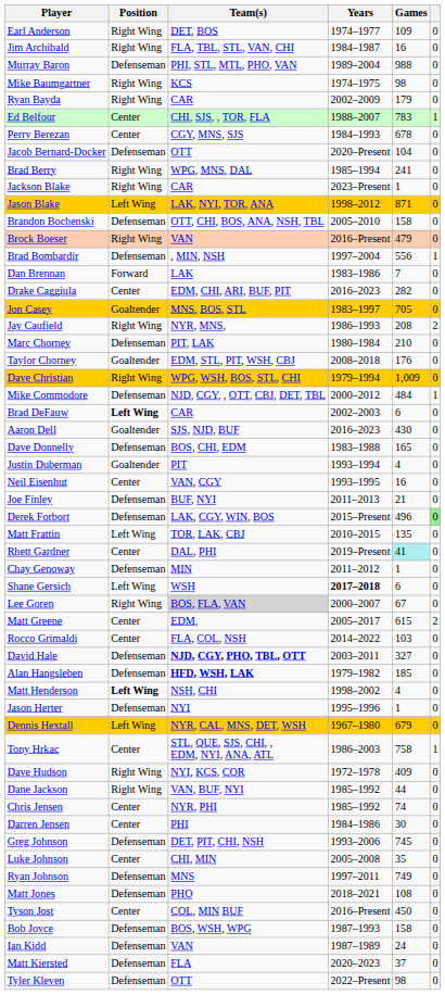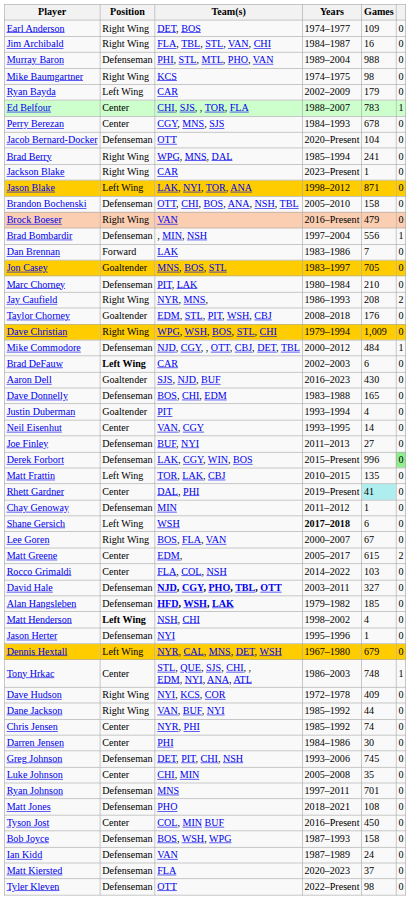 <table class="wikitable sortable">
 <tr>
 <th>Player</th>
 <th>Position</th>
 <th>Team(s)</th>
 <th>Years</th>
 <th>Games</th>
 <th><a href='#'></a></th>
 </tr>
 <tr>
 <td><a href='#'>Earl Anderson</a></td>
 <td>Right Wing</td>
 <td><a href='#'>DET</a>, <a href='#'>BOS</a></td>
 <td>1974–1977</td>
 <td>109</td>
 <td>0</td>
 </tr>
 <tr>
 <td><a href='#'>Jim Archibald</a></td>
 <td>Right Wing</td>
 <td><a href='#'>FLA</a>, <a href='#'>TBL</a>, <a href='#'>STL</a>, <a href='#'>VAN</a>, <a href='#'>CHI</a></td>
 <td>1984–1987</td>
 <td>16</td>
 <td>0</td>
 </tr>
 <tr>
 <td><a href='#'>Murray Baron</a></td>
 <td>Defenseman</td>
 <td><a href='#'>PHI</a>, <a href='#'>STL</a>, <a href='#'>MTL</a>, <a href='#'>PHO</a>, <a href='#'>VAN</a></td>
 <td>1989–2004</td>
 <td>988</td>
 <td>0</td>
 </tr>
 <tr>
 <td><a href='#'>Mike Baumgartner</a></td>
 <td>Right Wing</td>
 <td><a href='#'>KCS</a></td>
 <td>1974–1975</td>
 <td>98</td>
 <td>0</td>
 </tr>
 <tr>
 <td><a href='#'>Ryan Bayda</a></td>
-<td>Right Wing</td>
+<td>Left Wing</td>
 <td><a href='#'>CAR</a></td>
 <td>2002–2009</td>
 <td>179</td>
 <td>0</td>
 </tr>
 <tr bgcolor=#CCFFCC>
 <td><a href='#'>Ed Belfour</a></td>
 <td>Center</td>
 <td><a href='#'>CHI</a>, <a href='#'>SJS</a>, <span><strong></strong></span>, <a href='#'>TOR</a>, <a href='#'>FLA</a></td>
 <td>1988–2007</td>
 <td>783</td>
 <td>1</td>
 </tr>
 <tr>
 <td><a href='#'>Perry Berezan</a></td>
 <td>Center</td>
 <td><a href='#'>CGY</a>, <a href='#'>MNS</a>, <a href='#'>SJS</a></td>
 <td>1984–1993</td>
 <td>678</td>
 <td>0</td>
 </tr>
 <tr>
 <td><a href='#'>Jacob Bernard-Docker</a></td>
 <td>Defenseman</td>
 <td><a href='#'>OTT</a></td>
 <td>2020–Present</td>
 <td>104</td>
 <td>0</td>
 </tr>
 <tr>
 <td><a href='#'>Brad Berry</a></td>
 <td>Right Wing</td>
 <td><a href='#'>WPG</a>, <a href='#'>MNS</a>, <a href='#'>DAL</a></td>
 <td>1985–1994</td>
 <td>241</td>
 <td>0</td>
 </tr>
 <tr>
 <td><a href='#'>Jackson Blake</a></td>
 <td>Right Wing</td>
 <td><a href='#'>CAR</a></td>
 <td>2023–Present</td>
 <td>1</td>
 <td>0</td>
 </tr>
 <tr bgcolor=FFCC00>
 <td><a href='#'>Jason Blake</a></td>
 <td>Left Wing</td>
 <td><a href='#'>LAK</a>, <a href='#'>NYI</a>, <a href='#'>TOR</a>, <a href='#'>ANA</a></td>
 <td>1998–2012</td>
 <td>871</td>
 <td>0</td>
 </tr>
 <tr>
 <td><a href='#'>Brandon Bochenski</a></td>
 <td>Defenseman</td>
 <td><a href='#'>OTT</a>, <a href='#'>CHI</a>, <a href='#'>BOS</a>, <a href='#'>ANA</a>, <a href='#'>NSH</a>, <a href='#'>TBL</a></td>
 <td>2005–2010</td>
 <td>158</td>
 <td>0</td>
 </tr>
 <tr bgcolor=FBCEB1>
 <td><a href='#'>Brock Boeser</a></td>
 <td>Right Wing</td>
 <td><a href='#'>VAN</a></td>
 <td>2016–Present</td>
 <td>479</td>
 <td>0</td>
 </tr>
 <tr>
 <td><a href='#'>Brad Bombardir</a></td>
 <td>Defenseman</td>
 <td><span><strong></strong></span>, <a href='#'>MIN</a>, <a href='#'>NSH</a></td>
 <td>1997–2004</td>
 <td>556</td>
 <td>1</td>
 </tr>
 <tr>
 <td><a href='#'>Dan Brennan</a></td>
 <td>Forward</td>
 <td><a href='#'>LAK</a></td>
 <td>1983–1986</td>
 <td>7</td>
 <td>0</td>
 </tr>
-<tr>
-<td><a href='#'>Drake Caggiula</a></td>
-<td>Center</td>
-<td><a href='#'>EDM</a>, <a href='#'>CHI</a>, <a href='#'>ARI</a>, <a href='#'>BUF</a>, <a href='#'>PIT</a></td>
-<td>2016–2023</td>
-<td>282</td>
-<td>0</td>
-</tr>
 <tr bgcolor=FFCC00>
 <td><a href='#'>Jon Casey</a></td>
 <td>Goaltender</td>
 <td><a href='#'>MNS</a>, <a href='#'>BOS</a>, <a href='#'>STL</a></td>
 <td>1983–1997</td>
 <td>705</td>
 <td>0</td>
 </tr>
 <tr>
+<td><a href='#'>Marc Chorney</a></td>
+<td>Defenseman</td>
+<td><a href='#'>PIT</a>, <a href='#'>LAK</a></td>
+<td>1980–1984</td>
+<td>210</td>
+<td>0</td>
+</tr>
+<tr>
 <td><a href='#'>Jay Caufield</a></td>
 <td>Right Wing</td>
 <td><a href='#'>NYR</a>, <a href='#'>MNS</a>, <span><strong></strong></span></td>
 <td>1986–1993</td>
 <td>208</td>
 <td>2</td>
-</tr>
-<tr>
-<td><a href='#'>Marc Chorney</a></td>
-<td>Defenseman</td>
-<td><a href='#'>PIT</a>, <a href='#'>LAK</a></td>
-<td>1980–1984</td>
-<td>210</td>
-<td>0</td>
 </tr>
 <tr>
 <td><a href='#'>Taylor Chorney</a></td>
 <td>Goaltender</td>
 <td><a href='#'>EDM</a>, <a href='#'>STL</a>, <a href='#'>PIT</a>, <a href='#'>WSH</a>, <a href='#'>CBJ</a></td>
 <td>2008–2018</td>
 <td>176</td>
 <td>0</td>
 </tr>
 <tr bgcolor=FFCC00>
 <td><a href='#'>Dave Christian</a></td>
 <td>Right Wing</td>
 <td><a href='#'>WPG</a>, <a href='#'>WSH</a>, <a href='#'>BOS</a>, <a href='#'>STL</a>, <a href='#'>CHI</a></td>
 <td>1979–1994</td>
 <td>1,009</td>
 <td>0</td>
 </tr>
 <tr>
 <td><a href='#'>Mike Commodore</a></td>
 <td>Defenseman</td>
 <td><a href='#'>NJD</a>, <a href='#'>CGY</a>, <span><strong></strong></span>, <a href='#'>OTT</a>, <a href='#'>CBJ</a>, <a href='#'>DET</a>, <a href='#'>TBL</a></td>
 <td>2000–2012</td>
 <td>484</td>
 <td>1</td>
 </tr>
 <tr>
 <td><a href='#'>Brad DeFauw</a></td>
 <td><strong>Left Wing</strong></td>
 <td><a href='#'>CAR</a></td>
 <td>2002–2003</td>
 <td>6</td>
 <td>0</td>
 </tr>
 <tr>
 <td><a href='#'>Aaron Dell</a></td>
 <td>Goaltender</td>
 <td><a href='#'>SJS</a>, <a href='#'>NJD</a>, <a href='#'>BUF</a></td>
 <td>2016–2023</td>
 <td>430</td>
 <td>0</td>
 </tr>
 <tr>
 <td><a href='#'>Dave Donnelly</a></td>
 <td>Defenseman</td>
 <td><a href='#'>BOS</a>, <a href='#'>CHI</a>, <a href='#'>EDM</a></td>
 <td>1983–1988</td>
 <td>165</td>
 <td>0</td>
 </tr>
 <tr>
 <td><a href='#'>Justin Duberman</a></td>
 <td>Goaltender</td>
 <td><a href='#'>PIT</a></td>
 <td>1993–1994</td>
 <td>4</td>
 <td>0</td>
 </tr>
 <tr>
 <td><a href='#'>Neil Eisenhut</a></td>
 <td>Center</td>
 <td><a href='#'>VAN</a>, <a href='#'>CGY</a></td>
 <td>1993–1995</td>
-<td>16</td>
+<td>14</td>
 <td>0</td>
 </tr>
 <tr>
 <td><a href='#'>Joe Finley</a></td>
 <td>Defenseman</td>
 <td><a href='#'>BUF</a>, <a href='#'>NYI</a></td>
 <td>2011–2013</td>
-<td>21</td>
+<td>27</td>
 <td>0</td>
 </tr>
 <tr>
 <td><a href='#'>Derek Forbort</a></td>
 <td>Defenseman</td>
 <td><a href='#'>LAK</a>, <a href='#'>CGY</a>, <a href='#'>WIN</a>, <a href='#'>BOS</a></td>
 <td>2015–Present</td>
-<td>496</td>
+<td>996</td>
 <td style="background: lightgreen;">0</td>
 </tr>
 <tr>
 <td><a href='#'>Matt Frattin</a></td>
 <td>Left Wing</td>
 <td><a href='#'>TOR</a>, <a href='#'>LAK</a>, <a href='#'>CBJ</a></td>
 <td>2010–2015</td>
 <td>135</td>
 <td>0</td>
 </tr>
 <tr>
 <td><a href='#'>Rhett Gardner</a></td>
 <td>Center</td>
 <td><a href='#'>DAL</a>, <a href='#'>PHI</a></td>
 <td>2019–Present</td>
 <td style="background: paleturquoise;">41</td>
 <td>0</td>
 </tr>
 <tr>
 <td><a href='#'>Chay Genoway</a></td>
 <td>Defenseman</td>
 <td><a href='#'>MIN</a></td>
 <td>2011–2012</td>
 <td>1</td>
 <td>0</td>
 </tr>
 <tr>
 <td><a href='#'>Shane Gersich</a></td>
 <td>Left Wing</td>
 <td><a href='#'>WSH</a></td>
 <td><strong>2017–2018</strong></td>
 <td>6</td>
 <td>0</td>
 </tr>
 <tr>
 <td><a href='#'>Lee Goren</a></td>
 <td>Right Wing</td>
-<td style="background: lightgrey;"><a href='#'>BOS</a>, <a href='#'>FLA</a>, <a href='#'>VAN</a></td>
+<td><a href='#'>BOS</a>, <a href='#'>FLA</a>, <a href='#'>VAN</a></td>
 <td>2000–2007</td>
 <td>67</td>
 <td>0</td>
 </tr>
 <tr>
 <td><a href='#'>Matt Greene</a></td>
 <td>Center</td>
 <td><a href='#'>EDM</a>, <span><strong></strong></span></td>
 <td>2005–2017</td>
 <td>615</td>
 <td>2</td>
 </tr>
 <tr>
 <td><a href='#'>Rocco Grimaldi</a></td>
 <td>Center</td>
 <td><a href='#'>FLA</a>, <a href='#'>COL</a>, <a href='#'>NSH</a></td>
 <td>2014–2022</td>
 <td>103</td>
 <td>0</td>
 </tr>
 <tr>
 <td><a href='#'>David Hale</a></td>
 <td>Defenseman</td>
 <td><strong><a href='#'>NJD</a>, <a href='#'>CGY</a>, <a href='#'>PHO</a>, <a href='#'>TBL</a>, <a href='#'>OTT</a></strong></td>
 <td>2003–2011</td>
 <td>327</td>
 <td>0</td>
 </tr>
 <tr>
 <td><a href='#'>Alan Hangsleben</a></td>
 <td>Defenseman</td>
 <td><strong><a href='#'>HFD</a>, <a href='#'>WSH</a>, <a href='#'>LAK</a></strong></td>
 <td>1979–1982</td>
 <td>185</td>
 <td>0</td>
 </tr>
 <tr>
 <td><a href='#'>Matt Henderson</a></td>
 <td><strong>Left Wing</strong></td>
 <td><a href='#'>NSH</a>, <a href='#'>CHI</a></td>
 <td>1998–2002</td>
 <td>4</td>
 <td>0</td>
 </tr>
 <tr>
 <td><a href='#'>Jason Herter</a></td>
 <td>Defenseman</td>
 <td><a href='#'>NYI</a></td>
 <td>1995–1996</td>
 <td>1</td>
 <td>0</td>
 </tr>
 <tr bgcolor=FFCC00>
 <td><a href='#'>Dennis Hextall</a></td>
 <td>Left Wing</td>
 <td><a href='#'>NYR</a>, <a href='#'>CAL</a>, <a href='#'>MNS</a>, <a href='#'>DET</a>, <a href='#'>WSH</a></td>
 <td>1967–1980</td>
 <td>679</td>
 <td>0</td>
 </tr>
 <tr>
 <td><a href='#'>Tony Hrkac</a></td>
 <td>Center</td>
 <td><a href='#'>STL</a>, <a href='#'>QUE</a>, <a href='#'>SJS</a>, <a href='#'>CHI</a>, <span><strong></strong></span>, <br><a href='#'>EDM</a>, <a href='#'>NYI</a>, <a href='#'>ANA</a>, <a href='#'>ATL</a></td>
 <td>1986–2003</td>
-<td>758</td>
+<td>748</td>
 <td>1</td>
 </tr>
 <tr>
 <td><a href='#'>Dave Hudson</a></td>
 <td>Right Wing</td>
 <td><a href='#'>NYI</a>, <a href='#'>KCS</a>, <a href='#'>COR</a></td>
 <td>1972–1978</td>
 <td>409</td>
 <td>0</td>
 </tr>
 <tr>
 <td><a href='#'>Dane Jackson</a></td>
 <td>Right Wing</td>
 <td><a href='#'>VAN</a>, <a href='#'>BUF</a>, <a href='#'>NYI</a></td>
 <td>1985–1992</td>
 <td>44</td>
 <td>0</td>
 </tr>
 <tr>
 <td><a href='#'>Chris Jensen</a></td>
 <td>Center</td>
 <td><a href='#'>NYR</a>, <a href='#'>PHI</a></td>
 <td>1985–1992</td>
 <td>74</td>
 <td>0</td>
 </tr>
 <tr>
 <td><a href='#'>Darren Jensen</a></td>
 <td>Center</td>
 <td><a href='#'>PHI</a></td>
 <td>1984–1986</td>
 <td>30</td>
 <td>0</td>
 </tr>
 <tr>
 <td><a href='#'>Greg Johnson</a></td>
 <td>Defenseman</td>
 <td><a href='#'>DET</a>, <a href='#'>PIT</a>, <a href='#'>CHI</a>, <a href='#'>NSH</a></td>
 <td>1993–2006</td>
 <td>745</td>
 <td>0</td>
 </tr>
 <tr>
 <td><a href='#'>Luke Johnson</a></td>
 <td>Center</td>
 <td><a href='#'>CHI</a>, <a href='#'>MIN</a></td>
 <td>2005–2008</td>
 <td>35</td>
 <td>0</td>
 </tr>
 <tr>
 <td><a href='#'>Ryan Johnson</a></td>
 <td>Defenseman</td>
 <td><a href='#'>MNS</a></td>
 <td>1997–2011</td>
-<td>749</td>
+<td>701</td>
 <td>0</td>
 </tr>
 <tr>
 <td><a href='#'>Matt Jones</a></td>
 <td>Defenseman</td>
 <td><a href='#'>PHO</a></td>
 <td>2018–2021</td>
 <td>108</td>
 <td>0</td>
 </tr>
 <tr>
 <td><a href='#'>Tyson Jost</a></td>
 <td>Center</td>
 <td><a href='#'>COL</a>, <a href='#'>MIN</a> <a href='#'>BUF</a></td>
 <td>2016–Present</td>
 <td>450</td>
 <td>0</td>
 </tr>
 <tr>
 <td><a href='#'>Bob Joyce</a></td>
 <td>Defenseman</td>
 <td><a href='#'>BOS</a>, <a href='#'>WSH</a>, <a href='#'>WPG</a></td>
 <td>1987–1993</td>
 <td>158</td>
 <td>0</td>
 </tr>
 <tr>
 <td><a href='#'>Ian Kidd</a></td>
 <td>Defenseman</td>
 <td><a href='#'>VAN</a></td>
 <td>1987–1989</td>
 <td>24</td>
 <td>0</td>
 </tr>
 <tr>
 <td><a href='#'>Matt Kiersted</a></td>
 <td>Defenseman</td>
 <td><a href='#'>FLA</a></td>
 <td>2020–2023</td>
 <td>37</td>
 <td>0</td>
 </tr>
 <tr>
 <td><a href='#'>Tyler Kleven</a></td>
 <td>Defenseman</td>
 <td><a href='#'>OTT</a></td>
 <td>2022–Present</td>
 <td>98</td>
 <td>0</td>
 </tr>
 </table>
